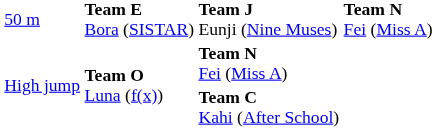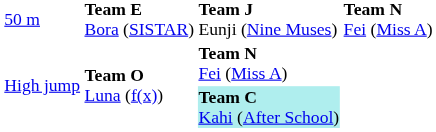 <table>
 <tr>
 <td><a href='#'>50 m</a></td>
 <td><strong>Team E</strong><br><a href='#'>Bora</a> (<a href='#'>SISTAR</a>)</td>
 <td><strong>Team J</strong><br>Eunji (<a href='#'>Nine Muses</a>)</td>
 <td><strong>Team N</strong><br><a href='#'>Fei</a> (<a href='#'>Miss A</a>)</td>
 </tr>
 <tr>
 <td rowspan=2><a href='#'>High jump</a></td>
 <td rowspan=2><strong>Team O</strong><br><a href='#'>Luna</a> (<a href='#'>f(x)</a>)</td>
 <td><strong>Team N</strong><br><a href='#'>Fei</a> (<a href='#'>Miss A</a>)</td>
 <td rowspan=2></td>
 </tr>
 <tr>
-<td><strong>Team C</strong><br><a href='#'>Kahi</a> (<a href='#'>After School</a>)</td>
+<td style="background: paleturquoise;"><strong>Team C</strong><br><a href='#'>Kahi</a> (<a href='#'>After School</a>)</td>
 </tr>
 </table>
